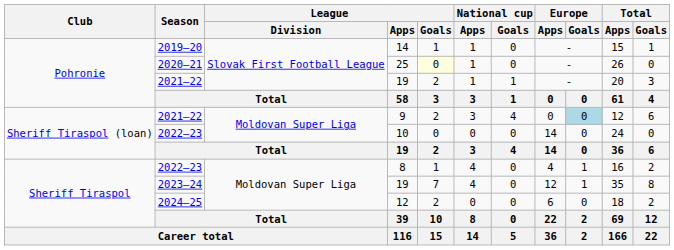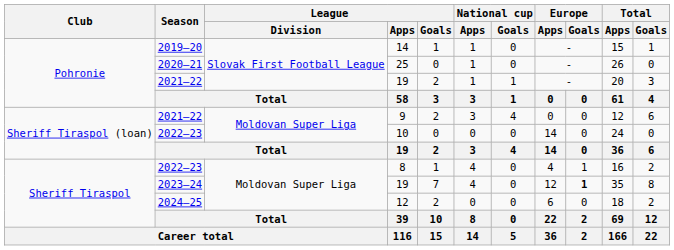 <table class="wikitable" style="text-align:center">
 <tr>
 <th rowspan="2">Club</th>
 <th rowspan="2">Season</th>
 <th colspan="3">League</th>
 <th colspan="2">National cup</th>
 <th colspan="2">Europe</th>
 <th colspan="2">Total</th>
 </tr>
 <tr>
 <th>Division</th>
 <th>Apps</th>
 <th>Goals</th>
 <th>Apps</th>
 <th>Goals</th>
 <th>Apps</th>
 <th>Goals</th>
 <th>Apps</th>
 <th>Goals</th>
 </tr>
 <tr>
 <td rowspan="4"><a href='#'>Pohronie</a></td>
 <td><a href='#'>2019–20</a></td>
 <td rowspan="3"><a href='#'>Slovak First Football League</a></td>
 <td>14</td>
 <td>1</td>
 <td>1</td>
 <td>0</td>
 <td colspan="2">-</td>
 <td>15</td>
 <td>1</td>
 </tr>
 <tr>
 <td><a href='#'>2020–21</a></td>
 <td>25</td>
-<td style="background: lightyellow;">0</td>
+<td>0</td>
 <td>1</td>
 <td>0</td>
 <td colspan="2">-</td>
 <td>26</td>
 <td>0</td>
 </tr>
 <tr>
 <td><a href='#'>2021–22</a></td>
 <td>19</td>
 <td>2</td>
 <td>1</td>
 <td>1</td>
 <td colspan="2">-</td>
 <td>20</td>
 <td>3</td>
 </tr>
 <tr>
 <th colspan="2">Total</th>
 <th>58</th>
 <th>3</th>
 <th>3</th>
 <th>1</th>
 <th>0</th>
 <th>0</th>
 <th>61</th>
 <th>4</th>
 </tr>
 <tr>
 <td rowspan="3"><a href='#'>Sheriff Tiraspol</a> (loan)</td>
 <td><a href='#'>2021–22</a></td>
 <td rowspan="2"><a href='#'>Moldovan Super Liga</a></td>
 <td>9</td>
 <td>2</td>
 <td>3</td>
 <td>4</td>
 <td>0</td>
-<td style="background: lightblue;">0</td>
+<td>0</td>
 <td>12</td>
 <td>6</td>
 </tr>
 <tr>
 <td><a href='#'>2022–23</a></td>
 <td>10</td>
 <td>0</td>
 <td>0</td>
 <td>0</td>
 <td>14</td>
 <td>0</td>
 <td>24</td>
 <td>0</td>
 </tr>
 <tr>
 <th colspan="2">Total</th>
 <th>19</th>
 <th>2</th>
 <th>3</th>
 <th>4</th>
 <th>14</th>
 <th>0</th>
 <th>36</th>
 <th>6</th>
 </tr>
 <tr>
 <td rowspan="4"><a href='#'>Sheriff Tiraspol</a></td>
 <td><a href='#'>2022–23</a></td>
 <td rowspan="3">Moldovan Super Liga</td>
 <td>8</td>
 <td>1</td>
 <td>4</td>
 <td>0</td>
 <td>4</td>
 <td>1</td>
 <td>16</td>
 <td>2</td>
 </tr>
 <tr>
 <td><a href='#'>2023–24</a></td>
 <td>19</td>
 <td>7</td>
 <td>4</td>
 <td>0</td>
 <td>12</td>
-<td>1</td>
+<td><strong>1</strong></td>
 <td>35</td>
 <td>8</td>
 </tr>
 <tr>
 <td><a href='#'>2024–25</a></td>
 <td>12</td>
 <td>2</td>
 <td>0</td>
 <td>0</td>
 <td>6</td>
 <td>0</td>
 <td>18</td>
 <td>2</td>
 </tr>
 <tr>
 <th colspan="2">Total</th>
 <th>39</th>
 <th>10</th>
 <th>8</th>
 <th>0</th>
 <th>22</th>
 <th>2</th>
 <th>69</th>
 <th>12</th>
 </tr>
 <tr>
 <th colspan="3">Career total</th>
 <th>116</th>
 <th>15</th>
 <th>14</th>
 <th>5</th>
 <th>36</th>
 <th>2</th>
 <th>166</th>
 <th>22</th>
 </tr>
 </table>
